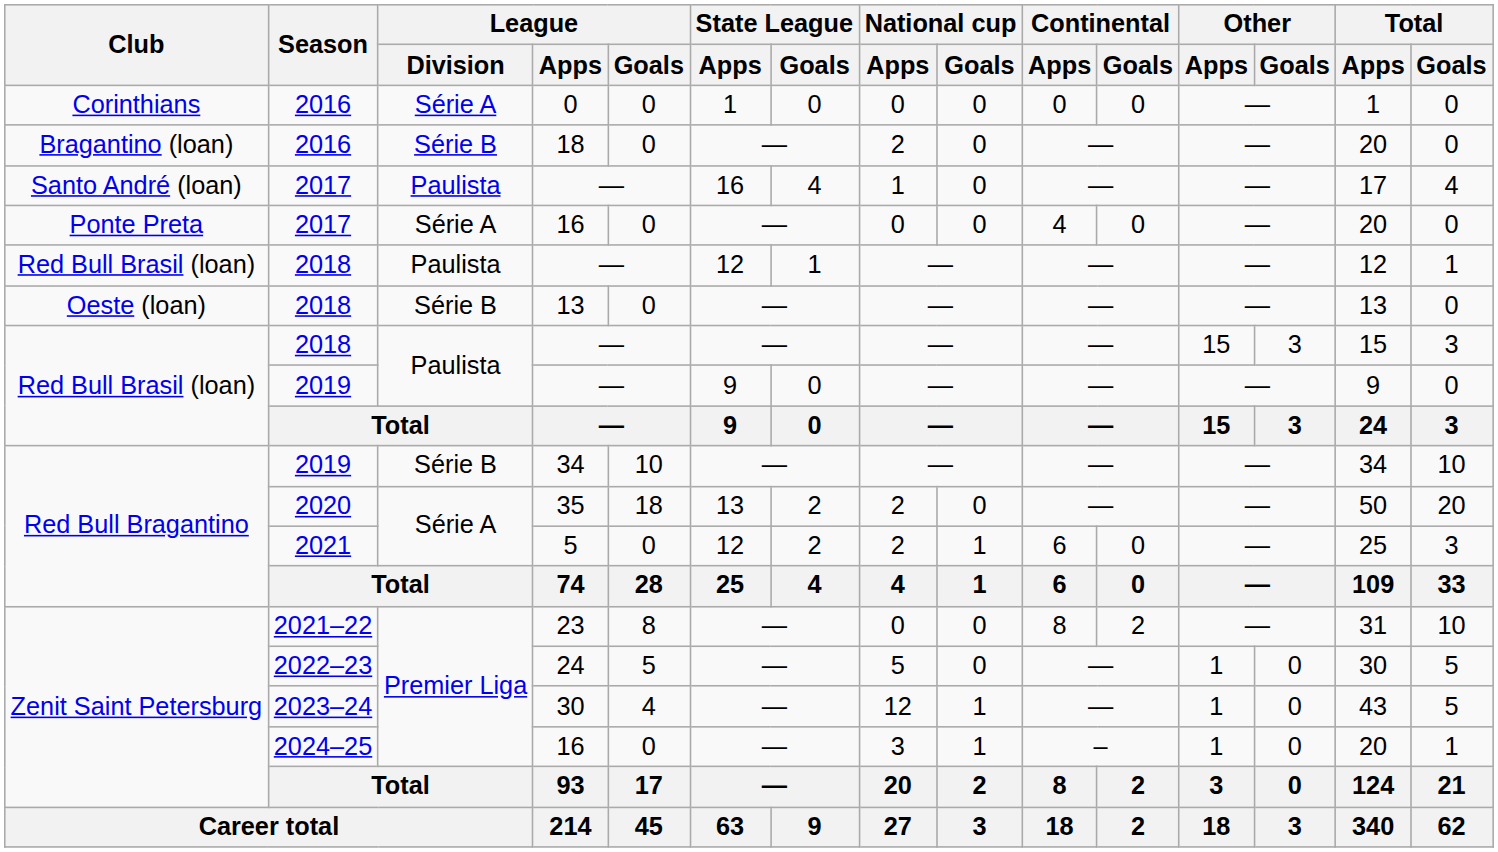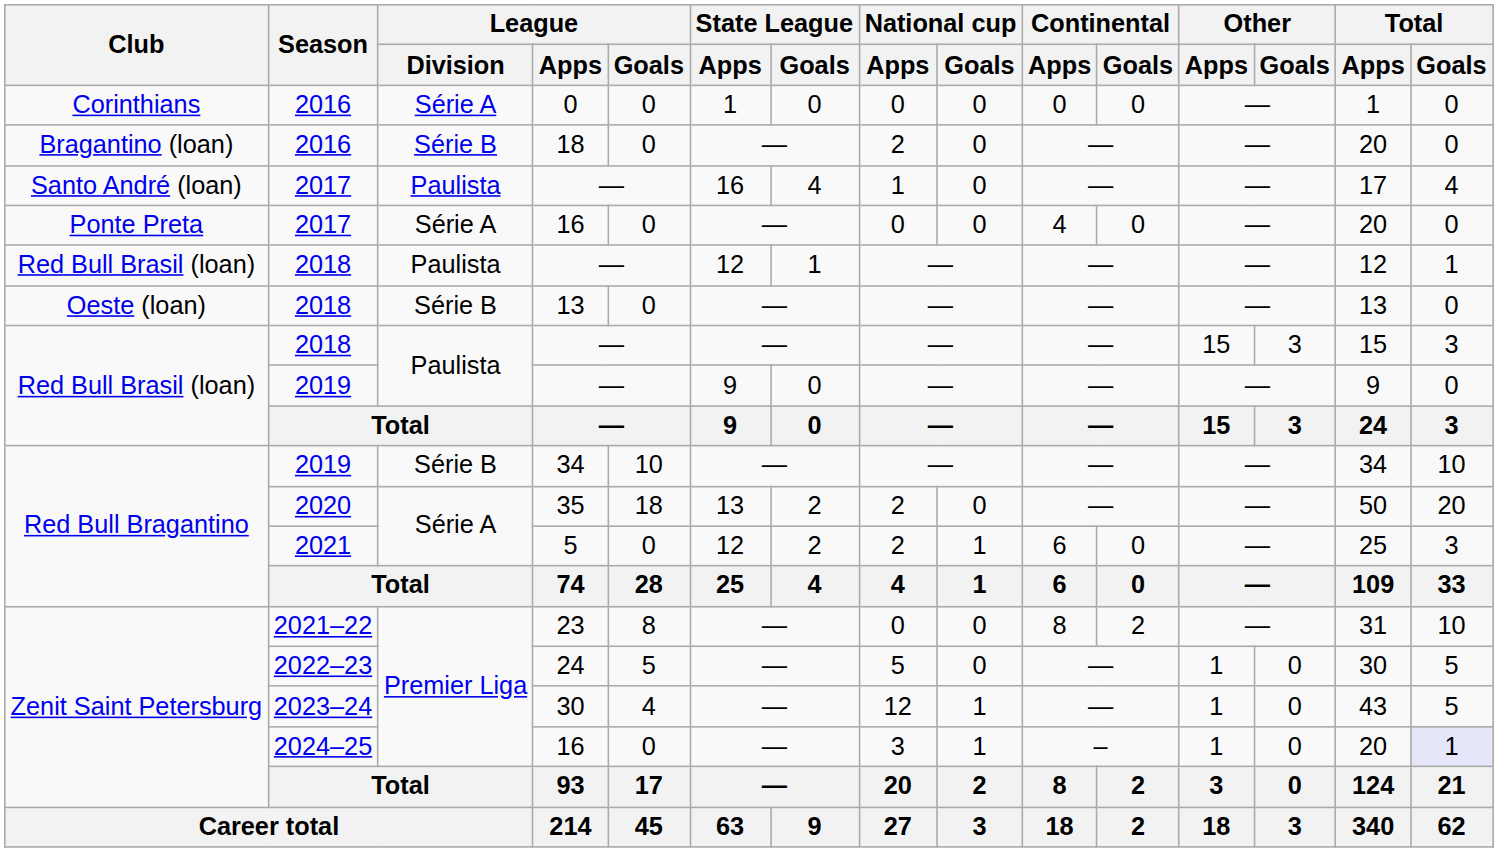 <table class="wikitable" style="text-align: center;">
 <tr>
 <th rowspan="2">Club</th>
 <th rowspan="2">Season</th>
 <th colspan="3">League</th>
 <th colspan="2">State League</th>
 <th colspan="2">National cup</th>
 <th colspan="2">Continental</th>
 <th colspan="2">Other</th>
 <th colspan="2">Total</th>
 </tr>
 <tr>
 <th>Division</th>
 <th>Apps</th>
 <th>Goals</th>
 <th>Apps</th>
 <th>Goals</th>
 <th>Apps</th>
 <th>Goals</th>
 <th>Apps</th>
 <th>Goals</th>
 <th>Apps</th>
 <th>Goals</th>
 <th>Apps</th>
 <th>Goals</th>
 </tr>
 <tr>
 <td><a href='#'>Corinthians</a></td>
 <td><a href='#'>2016</a></td>
 <td><a href='#'>Série A</a></td>
 <td>0</td>
 <td>0</td>
 <td>1</td>
 <td>0</td>
 <td>0</td>
 <td>0</td>
 <td>0</td>
 <td>0</td>
 <td colspan="2">—</td>
 <td>1</td>
 <td>0</td>
 </tr>
 <tr>
 <td><a href='#'>Bragantino</a> (loan)</td>
 <td><a href='#'>2016</a></td>
 <td><a href='#'>Série B</a></td>
 <td>18</td>
 <td>0</td>
 <td colspan=2>—</td>
 <td>2</td>
 <td>0</td>
 <td colspan=2>—</td>
 <td colspan=2>—</td>
 <td>20</td>
 <td>0</td>
 </tr>
 <tr>
 <td><a href='#'>Santo André</a> (loan)</td>
 <td><a href='#'>2017</a></td>
 <td><a href='#'>Paulista</a></td>
 <td colspan=2>—</td>
 <td>16</td>
 <td>4</td>
 <td>1</td>
 <td>0</td>
 <td colspan=2>—</td>
 <td colspan=2>—</td>
 <td>17</td>
 <td>4</td>
 </tr>
 <tr>
 <td><a href='#'>Ponte Preta</a></td>
 <td><a href='#'>2017</a></td>
 <td>Série A</td>
 <td>16</td>
 <td>0</td>
 <td colspan=2>—</td>
 <td>0</td>
 <td>0</td>
 <td>4</td>
 <td>0</td>
 <td colspan=2>—</td>
 <td>20</td>
 <td>0</td>
 </tr>
 <tr>
 <td><a href='#'>Red Bull Brasil</a> (loan)</td>
 <td><a href='#'>2018</a></td>
 <td>Paulista</td>
 <td colspan=2>—</td>
 <td>12</td>
 <td>1</td>
 <td colspan=2>—</td>
 <td colspan=2>—</td>
 <td colspan=2>—</td>
 <td>12</td>
 <td>1</td>
 </tr>
 <tr>
 <td><a href='#'>Oeste</a> (loan)</td>
 <td><a href='#'>2018</a></td>
 <td>Série B</td>
 <td>13</td>
 <td>0</td>
 <td colspan=2>—</td>
 <td colspan=2>—</td>
 <td colspan=2>—</td>
 <td colspan=2>—</td>
 <td>13</td>
 <td>0</td>
 </tr>
 <tr>
 <td rowspan="3"><a href='#'>Red Bull Brasil</a> (loan)</td>
 <td><a href='#'>2018</a></td>
 <td rowspan="2">Paulista</td>
 <td colspan=2>—</td>
 <td colspan=2>—</td>
 <td colspan=2>—</td>
 <td colspan=2>—</td>
 <td>15</td>
 <td>3</td>
 <td>15</td>
 <td>3</td>
 </tr>
 <tr>
 <td><a href='#'>2019</a></td>
 <td colspan=2>—</td>
 <td>9</td>
 <td>0</td>
 <td colspan=2>—</td>
 <td colspan=2>—</td>
 <td colspan=2>—</td>
 <td>9</td>
 <td>0</td>
 </tr>
 <tr>
 <th colspan=2>Total</th>
 <th colspan=2>—</th>
 <th>9</th>
 <th>0</th>
 <th colspan=2>—</th>
 <th colspan=2>—</th>
 <th>15</th>
 <th>3</th>
 <th>24</th>
 <th>3</th>
 </tr>
 <tr>
 <td rowspan="4"><a href='#'>Red Bull Bragantino</a></td>
 <td><a href='#'>2019</a></td>
 <td>Série B</td>
 <td>34</td>
 <td>10</td>
 <td colspan=2>—</td>
 <td colspan=2>—</td>
 <td colspan=2>—</td>
 <td colspan=2>—</td>
 <td>34</td>
 <td>10</td>
 </tr>
 <tr>
 <td><a href='#'>2020</a></td>
 <td rowspan="2">Série A</td>
 <td>35</td>
 <td>18</td>
 <td>13</td>
 <td>2</td>
 <td>2</td>
 <td>0</td>
 <td colspan=2>—</td>
 <td colspan=2>—</td>
 <td>50</td>
 <td>20</td>
 </tr>
 <tr>
 <td><a href='#'>2021</a></td>
 <td>5</td>
 <td>0</td>
 <td>12</td>
 <td>2</td>
 <td>2</td>
 <td>1</td>
 <td>6</td>
 <td>0</td>
 <td colspan=2>—</td>
 <td>25</td>
 <td>3</td>
 </tr>
 <tr>
 <th colspan=2>Total</th>
 <th>74</th>
 <th>28</th>
 <th>25</th>
 <th>4</th>
 <th>4</th>
 <th>1</th>
 <th>6</th>
 <th>0</th>
 <th colspan=2>—</th>
 <th>109</th>
 <th>33</th>
 </tr>
 <tr>
 <td rowspan="5"><a href='#'>Zenit Saint Petersburg</a></td>
 <td><a href='#'>2021–22</a></td>
 <td rowspan="4"><a href='#'>Premier Liga</a></td>
 <td>23</td>
 <td>8</td>
 <td colspan=2>—</td>
 <td>0</td>
 <td>0</td>
 <td>8</td>
 <td>2</td>
 <td colspan=2>—</td>
 <td>31</td>
 <td>10</td>
 </tr>
 <tr>
 <td><a href='#'>2022–23</a></td>
 <td>24</td>
 <td>5</td>
 <td colspan=2>—</td>
 <td>5</td>
 <td>0</td>
 <td colspan=2>—</td>
 <td>1</td>
 <td>0</td>
 <td>30</td>
 <td>5</td>
 </tr>
 <tr>
 <td><a href='#'>2023–24</a></td>
 <td>30</td>
 <td>4</td>
 <td colspan=2>—</td>
 <td>12</td>
 <td>1</td>
 <td colspan=2>—</td>
 <td>1</td>
 <td>0</td>
 <td>43</td>
 <td>5</td>
 </tr>
 <tr>
 <td><a href='#'>2024–25</a></td>
 <td>16</td>
 <td>0</td>
 <td colspan="2">—</td>
 <td>3</td>
 <td>1</td>
 <td colspan=2>–</td>
 <td>1</td>
 <td>0</td>
 <td>20</td>
-<td>1</td>
+<td style="background: lavender;">1</td>
 </tr>
 <tr>
 <th colspan="2">Total</th>
 <th>93</th>
 <th>17</th>
 <th colspan=2>—</th>
 <th>20</th>
 <th>2</th>
 <th>8</th>
 <th>2</th>
 <th>3</th>
 <th>0</th>
 <th>124</th>
 <th>21</th>
 </tr>
 <tr>
 <th colspan="3">Career total</th>
 <th>214</th>
 <th>45</th>
 <th>63</th>
 <th>9</th>
 <th>27</th>
 <th>3</th>
 <th>18</th>
 <th>2</th>
 <th>18</th>
 <th>3</th>
 <th>340</th>
 <th>62</th>
 </tr>
 </table>
